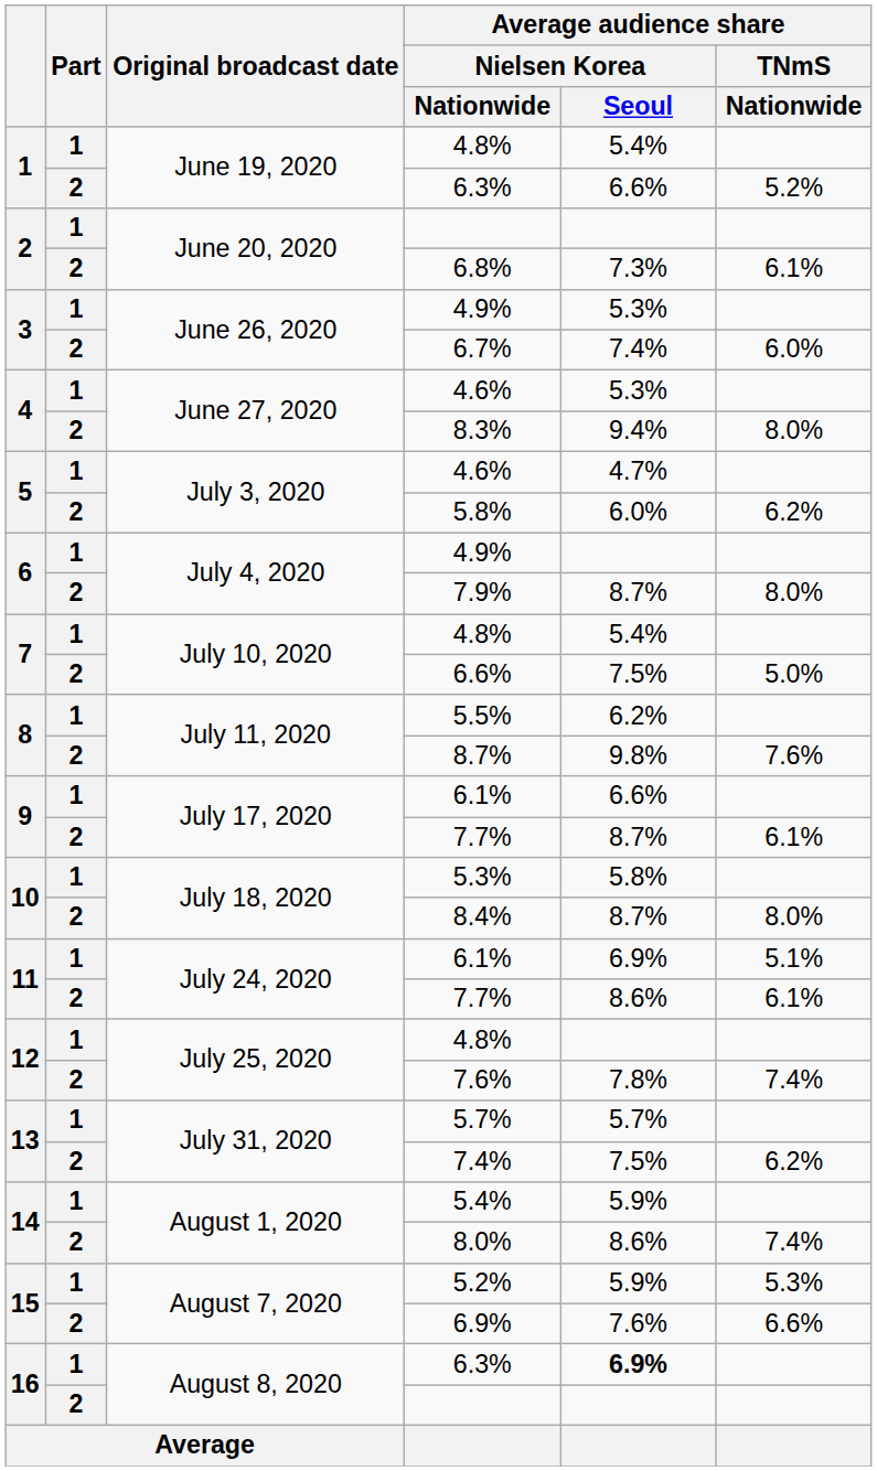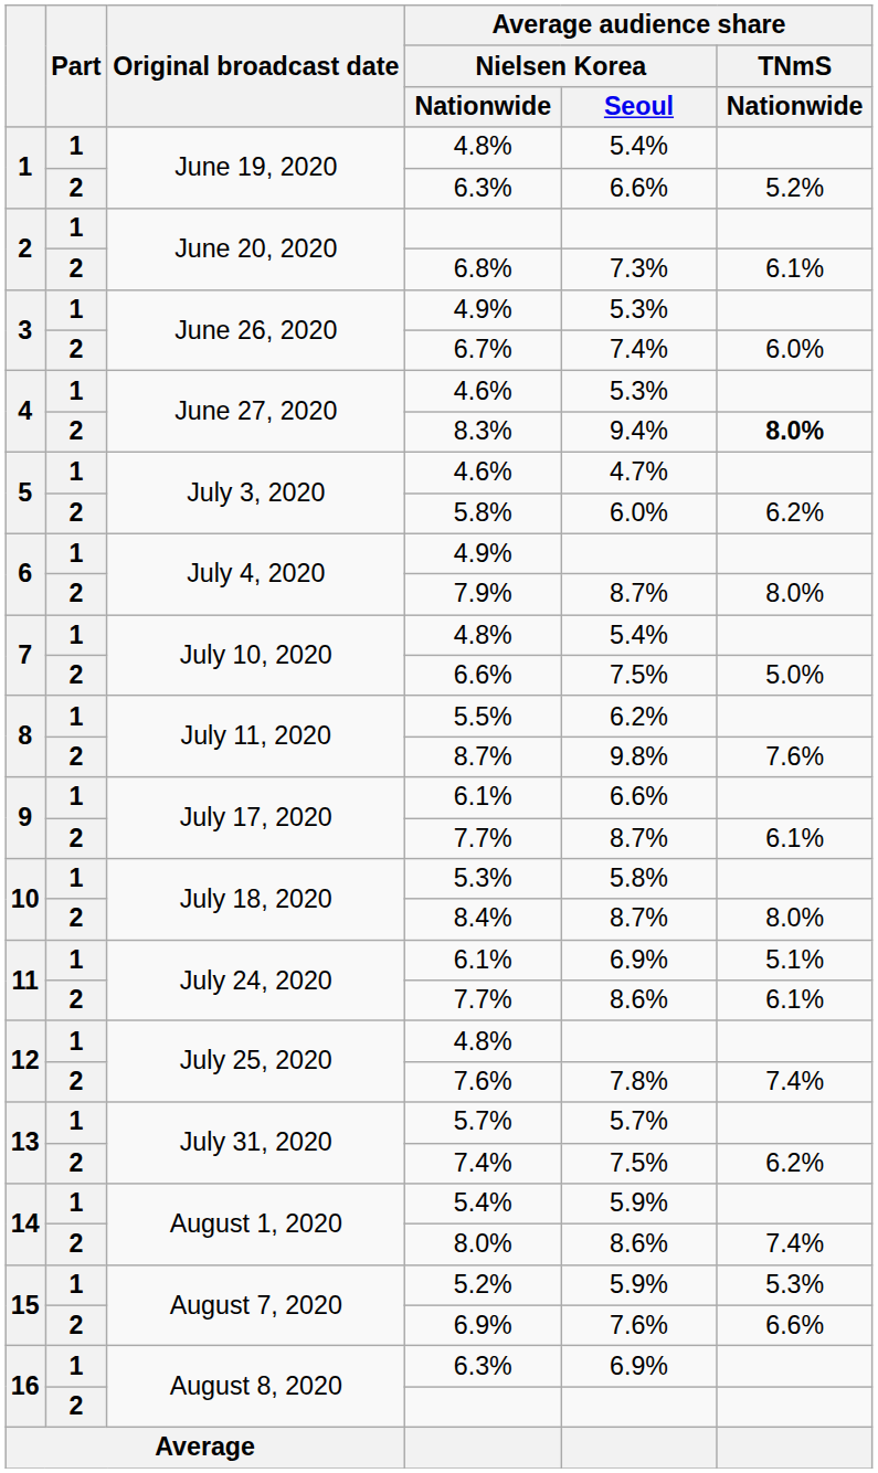 <table class="wikitable" style="text-align:center; margin-left:auto; margin-right:auto">
 <tr>
 <th rowspan="3"></th>
 <th rowspan="3">Part</th>
 <th rowspan="3">Original broadcast date</th>
 <th colspan="3">Average audience share</th>
 </tr>
 <tr>
 <th colspan="2">Nielsen Korea</th>
 <th>TNmS</th>
 </tr>
 <tr>
 <th width="90">Nationwide</th>
 <th width="90"><a href='#'>Seoul</a></th>
 <th width="90">Nationwide</th>
 </tr>
 <tr>
 <th rowspan="2">1</th>
 <th>1</th>
 <td rowspan="2">June 19, 2020</td>
 <td>4.8% </td>
 <td>5.4% </td>
 <td></td>
 </tr>
 <tr>
 <th>2</th>
 <td>6.3% </td>
 <td>6.6% </td>
 <td>5.2% </td>
 </tr>
 <tr>
 <th rowspan="2">2</th>
 <th>1</th>
 <td rowspan="2">June 20, 2020</td>
 <td><strong></strong> </td>
 <td><strong></strong> </td>
 <td></td>
 </tr>
 <tr>
 <th>2</th>
 <td>6.8% </td>
 <td>7.3% </td>
 <td>6.1% </td>
 </tr>
 <tr>
 <th rowspan="2">3</th>
 <th>1</th>
 <td rowspan="2">June 26, 2020</td>
 <td>4.9% </td>
 <td>5.3% </td>
 <td></td>
 </tr>
 <tr>
 <th>2</th>
 <td>6.7% </td>
 <td>7.4% </td>
 <td>6.0% </td>
 </tr>
 <tr>
 <th rowspan="2">4</th>
 <th>1</th>
 <td rowspan="2">June 27, 2020</td>
 <td>4.6% </td>
 <td>5.3% </td>
 <td></td>
 </tr>
 <tr>
 <th>2</th>
 <td>8.3% </td>
 <td>9.4% </td>
-<td>8.0% </td>
+<td><strong>8.0% </strong></td>
 </tr>
 <tr>
 <th rowspan="2">5</th>
 <th>1</th>
 <td rowspan="2">July 3, 2020</td>
 <td>4.6% </td>
 <td>4.7% </td>
 <td></td>
 </tr>
 <tr>
 <th>2</th>
 <td>5.8% </td>
 <td>6.0% </td>
 <td>6.2% </td>
 </tr>
 <tr>
 <th rowspan="2">6</th>
 <th>1</th>
 <td rowspan="2">July 4, 2020</td>
 <td>4.9% </td>
 <td></td>
 <td></td>
 </tr>
 <tr>
 <th>2</th>
 <td>7.9% </td>
 <td>8.7% </td>
 <td>8.0% </td>
 </tr>
 <tr>
 <th rowspan="2">7</th>
 <th>1</th>
 <td rowspan="2">July 10, 2020</td>
 <td>4.8% </td>
 <td>5.4% </td>
 <td></td>
 </tr>
 <tr>
 <th>2</th>
 <td>6.6% </td>
 <td>7.5% </td>
 <td>5.0% </td>
 </tr>
 <tr>
 <th rowspan="2">8</th>
 <th>1</th>
 <td rowspan="2">July 11, 2020</td>
 <td>5.5% </td>
 <td>6.2% </td>
 <td></td>
 </tr>
 <tr>
 <th>2</th>
 <td>8.7% </td>
 <td>9.8% </td>
 <td>7.6% </td>
 </tr>
 <tr>
 <th rowspan="2">9</th>
 <th>1</th>
 <td rowspan="2">July 17, 2020</td>
 <td>6.1% </td>
 <td>6.6% </td>
 <td><strong></strong> </td>
 </tr>
 <tr>
 <th>2</th>
 <td>7.7% </td>
 <td>8.7% </td>
 <td>6.1% </td>
 </tr>
 <tr>
 <th rowspan="2">10</th>
 <th>1</th>
 <td rowspan="2">July 18, 2020</td>
 <td>5.3% </td>
 <td>5.8% </td>
 <td></td>
 </tr>
 <tr>
 <th>2</th>
 <td>8.4% </td>
 <td>8.7% </td>
 <td>8.0% </td>
 </tr>
 <tr>
 <th rowspan="2">11</th>
 <th>1</th>
 <td rowspan="2">July 24, 2020</td>
 <td>6.1% </td>
 <td>6.9% </td>
 <td>5.1% </td>
 </tr>
 <tr>
 <th>2</th>
 <td>7.7% </td>
 <td>8.6% </td>
 <td>6.1% </td>
 </tr>
 <tr>
 <th rowspan="2">12</th>
 <th>1</th>
 <td rowspan="2">July 25, 2020</td>
 <td>4.8% </td>
 <td></td>
 <td></td>
 </tr>
 <tr>
 <th>2</th>
 <td>7.6% </td>
 <td>7.8% </td>
 <td>7.4% </td>
 </tr>
 <tr>
 <th rowspan="2">13</th>
 <th>1</th>
 <td rowspan="2">July 31, 2020</td>
 <td>5.7% </td>
 <td>5.7% </td>
 <td></td>
 </tr>
 <tr>
 <th>2</th>
 <td>7.4% </td>
 <td>7.5% </td>
 <td>6.2% </td>
 </tr>
 <tr>
 <th rowspan="2">14</th>
 <th>1</th>
 <td rowspan="2">August 1, 2020</td>
 <td>5.4% </td>
 <td>5.9% </td>
 <td></td>
 </tr>
 <tr>
 <th>2</th>
 <td>8.0% </td>
 <td>8.6% </td>
 <td>7.4% </td>
 </tr>
 <tr>
 <th rowspan="2">15</th>
 <th>1</th>
 <td rowspan="2">August 7, 2020</td>
 <td>5.2% </td>
 <td>5.9% </td>
 <td>5.3% </td>
 </tr>
 <tr>
 <th>2</th>
 <td>6.9% </td>
 <td>7.6% </td>
 <td>6.6% </td>
 </tr>
 <tr>
 <th rowspan="2">16</th>
 <th>1</th>
 <td rowspan="2">August 8, 2020</td>
 <td>6.3% </td>
-<td><strong>6.9% </strong></td>
+<td>6.9% </td>
 <td></td>
 </tr>
 <tr>
 <th>2</th>
 <td><strong></strong> </td>
 <td><strong></strong> </td>
 <td><strong></strong> </td>
 </tr>
 <tr>
 <th colspan="3">Average</th>
 <th></th>
 <th></th>
 <th></th>
 </tr>
 </table>
